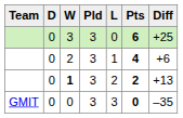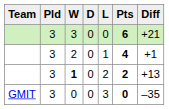 <table style=border-collapse:collapse border=1 cellspacing=0 cellpadding=5>
 <tr align=center bgcolor=#efefef>
 <th>Team</th>
+<th>Pld</th>
+<th>W</th>
 <th>D</th>
-<th>W</th>
-<th>Pld</th>
 <th>L</th>
 <th>Pts</th>
 <th>Diff</th>
 </tr>
 <tr align=center style="background:#D0F0C0;">
 <td style="text-align:left;"> </td>
-<td>0</td>
 <td>3</td>
 <td>3</td>
 <td>0</td>
+<td>0</td>
 <td><strong>6</strong></td>
-<td>+25</td>
+<td>+21</td>
 </tr>
 <tr align=center style="background:#FFFFFF;">
 <td style="text-align:left;"> </td>
+<td>3</td>
+<td>2</td>
 <td>0</td>
-<td>2</td>
-<td>3</td>
 <td>1</td>
 <td><strong>4</strong></td>
-<td>+6</td>
+<td>+1</td>
 </tr>
 <tr align=center style="background:#FFFFFF;">
 <td style="text-align:left;"> </td>
+<td>3</td>
+<td><strong>1</strong></td>
 <td>0</td>
-<td><strong>1</strong></td>
-<td>3</td>
 <td>2</td>
 <td><strong>2</strong></td>
 <td>+13</td>
 </tr>
 <tr align=center style="background:#FFFFFF;">
 <td style="text-align:left;"> <a href='#'>GMIT</a></td>
+<td>3</td>
 <td>0</td>
 <td>0</td>
-<td>3</td>
 <td>3</td>
 <td><strong>0</strong></td>
 <td>–35</td>
 </tr>
 </table>
